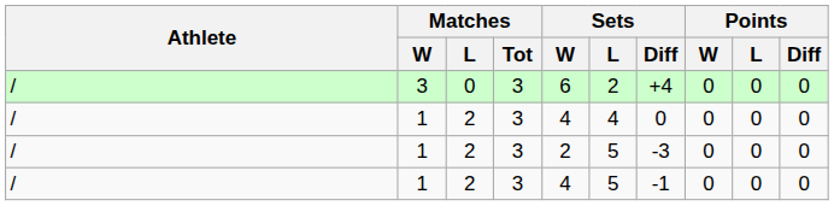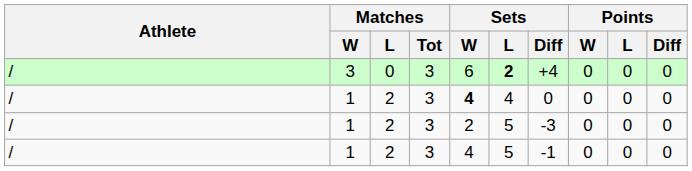 <table class=wikitable style="text-align:center">
 <tr>
 <th rowspan=2 width=300>Athlete</th>
 <th colspan=3 width=90>Matches</th>
 <th colspan=3 width=90>Sets</th>
 <th colspan=3 width=90>Points</th>
 </tr>
 <tr>
 <th width=30>W</th>
 <th width=30>L</th>
 <th width=30>Tot</th>
 <th width=30>W</th>
 <th width=30>L</th>
 <th width=30>Diff</th>
 <th width=30>W</th>
 <th width=30>L</th>
 <th width=30>Diff</th>
 </tr>
 <tr bgcolor=ccffcc>
 <td style="text-align:left">/</td>
 <td>3</td>
 <td>0</td>
 <td>3</td>
 <td>6</td>
-<td>2</td>
+<td><strong>2</strong></td>
 <td>+4</td>
 <td>0</td>
 <td>0</td>
 <td>0</td>
 </tr>
 <tr>
 <td style="text-align:left">/</td>
 <td>1</td>
 <td>2</td>
 <td>3</td>
-<td>4</td>
+<td><strong>4</strong></td>
 <td>4</td>
 <td>0</td>
 <td>0</td>
 <td>0</td>
 <td>0</td>
 </tr>
 <tr>
 <td style="text-align:left">/</td>
 <td>1</td>
 <td>2</td>
 <td>3</td>
 <td>2</td>
 <td>5</td>
 <td>-3</td>
 <td>0</td>
 <td>0</td>
 <td>0</td>
 </tr>
 <tr>
 <td style="text-align:left">/</td>
 <td>1</td>
 <td>2</td>
 <td>3</td>
 <td>4</td>
 <td>5</td>
 <td>-1</td>
 <td>0</td>
 <td>0</td>
 <td>0</td>
 </tr>
 </table>
